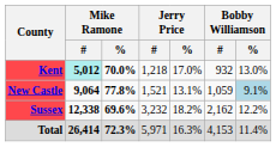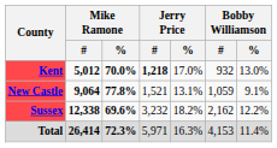 <table class="wikitable sortable" style="text-align:right;font-size:90%;line-height:1.3">
 <tr>
 <th rowspan="2">County</th>
 <th colspan="2">Mike<br>Ramone</th>
 <th colspan="2">Jerry<br>Price</th>
 <th colspan="2">Bobby<br>Williamson</th>
 </tr>
 <tr>
 <th data-sort-type="number" style="text-align:center;">#</th>
 <th data-sort-type="number" style="text-align:center;">%</th>
 <th data-sort-type="number" style="text-align:center;">#</th>
 <th data-sort-type="number" style="text-align:center;">%</th>
 <th data-sort-type="number" style="text-align:center;">#</th>
 <th data-sort-type="number" style="text-align:center;">%</th>
 </tr>
 <tr>
 <td style="background:#FF474C;"><strong><a href='#'>Kent</a></strong></td>
-<td style="background: paleturquoise;"><strong>5,012</strong></td>
+<td><strong>5,012</strong></td>
 <td><strong>70.0%</strong></td>
-<td>1,218</td>
+<td><strong>1,218</strong></td>
 <td>17.0%</td>
 <td>932</td>
 <td>13.0%</td>
 </tr>
 <tr>
 <td style="background:#FF474C;"><strong><a href='#'>New Castle</a></strong></td>
 <td><strong>9,064</strong></td>
 <td><strong>77.8%</strong></td>
 <td>1,521</td>
 <td>13.1%</td>
 <td>1,059</td>
-<td style="background: lightblue;">9.1%</td>
+<td>9.1%</td>
 </tr>
 <tr>
 <td style="background:#FF474C;"><strong><a href='#'>Sussex</a></strong></td>
 <td><strong>12,338</strong></td>
 <td><strong>69.6%</strong></td>
 <td>3,232</td>
 <td>18.2%</td>
 <td>2,162</td>
 <td>12.2%</td>
 </tr>
 <tr>
 <td style="background:#DCDCDC;"><strong>Total</strong></td>
 <td style="background:#DCDCDC;"><strong>26,414</strong></td>
 <td style="background:#DCDCDC;"><strong>72.3%</strong></td>
 <td style="background:#DCDCDC;">5,971</td>
 <td style="background:#DCDCDC;">16.3%</td>
 <td style="background:#DCDCDC;">4,153</td>
 <td style="background:#DCDCDC;">11.4%</td>
 </tr>
 </table>
